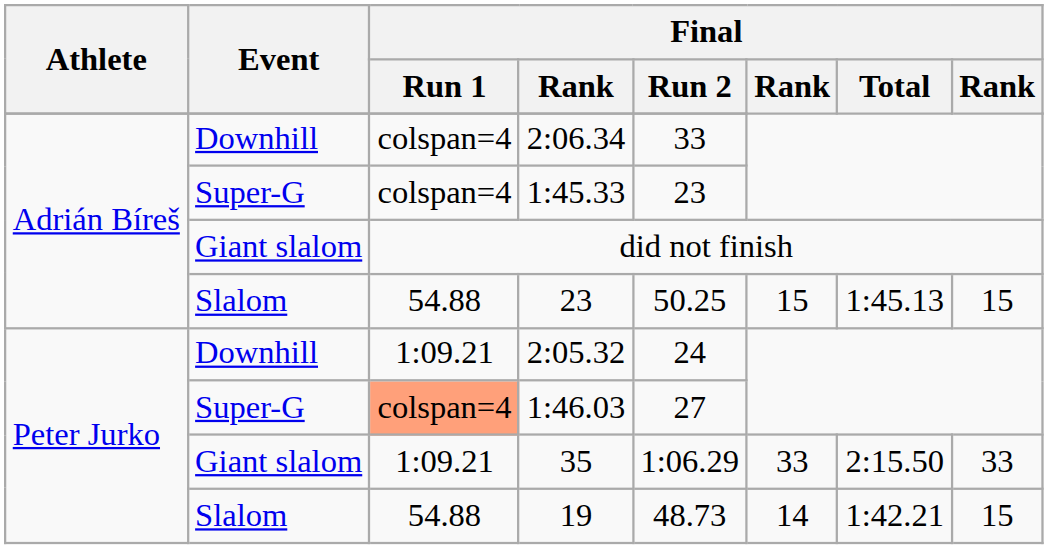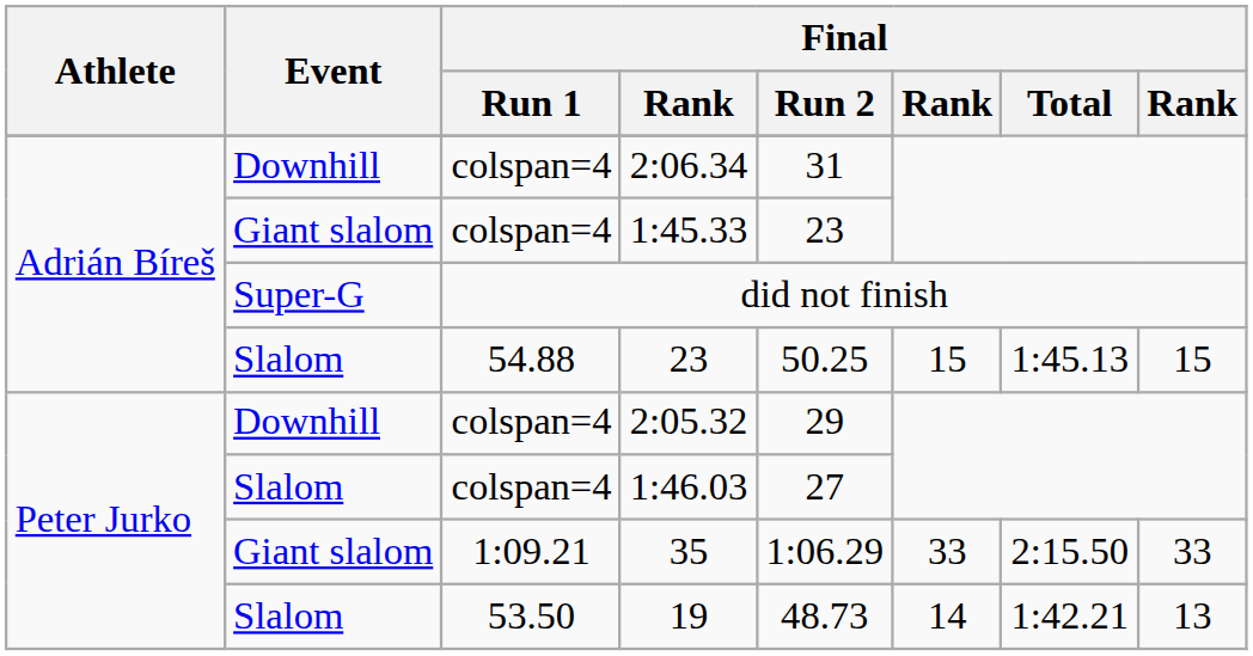 <table class="wikitable" style="font-size:90%">
 <tr>
 <th rowspan="2">Athlete</th>
 <th rowspan="2">Event</th>
 <th colspan="6">Final</th>
 </tr>
 <tr>
 <th>Run 1</th>
 <th>Rank</th>
 <th>Run 2</th>
 <th>Rank</th>
 <th>Total</th>
 <th>Rank</th>
 </tr>
 <tr>
 </tr>
 <tr align="center">
 <td align="left" rowspan=4><a href='#'>Adrián Bíreš</a></td>
 <td align="left"><a href='#'>Downhill</a></td>
 <td>colspan=4 </td>
 <td>2:06.34</td>
-<td>33</td>
+<td>31</td>
 </tr>
 <tr align="center">
-<td align="left"><a href='#'>Super-G</a></td>
+<td align="left"><a href='#'>Giant slalom</a></td>
 <td>colspan=4 </td>
 <td>1:45.33</td>
 <td>23</td>
 </tr>
 <tr align="center">
-<td align="left"><a href='#'>Giant slalom</a></td>
+<td align="left"><a href='#'>Super-G</a></td>
 <td colspan=6>did not finish</td>
 </tr>
 <tr align="center">
 <td align="left"><a href='#'>Slalom</a></td>
 <td>54.88</td>
 <td>23</td>
 <td>50.25</td>
 <td>15</td>
 <td>1:45.13</td>
 <td>15</td>
 </tr>
 <tr align="center">
 <td align="left" rowspan=4><a href='#'>Peter Jurko</a></td>
 <td align="left"><a href='#'>Downhill</a></td>
-<td>1:09.21</td>
+<td>colspan=4 </td>
 <td>2:05.32</td>
-<td>24</td>
+<td>29</td>
 </tr>
 <tr align="center">
-<td align="left"><a href='#'>Super-G</a></td>
-<td style="background: lightsalmon;">colspan=4 </td>
+<td align="left"><a href='#'>Slalom</a></td>
+<td>colspan=4 </td>
 <td>1:46.03</td>
 <td>27</td>
 </tr>
 <tr align="center">
 <td align="left"><a href='#'>Giant slalom</a></td>
 <td>1:09.21</td>
 <td>35</td>
 <td>1:06.29</td>
 <td>33</td>
 <td>2:15.50</td>
 <td>33</td>
 </tr>
 <tr align="center">
 <td align="left"><a href='#'>Slalom</a></td>
-<td>54.88</td>
+<td>53.50</td>
 <td>19</td>
 <td>48.73</td>
 <td>14</td>
 <td>1:42.21</td>
-<td>15</td>
+<td>13</td>
 </tr>
 </table>
